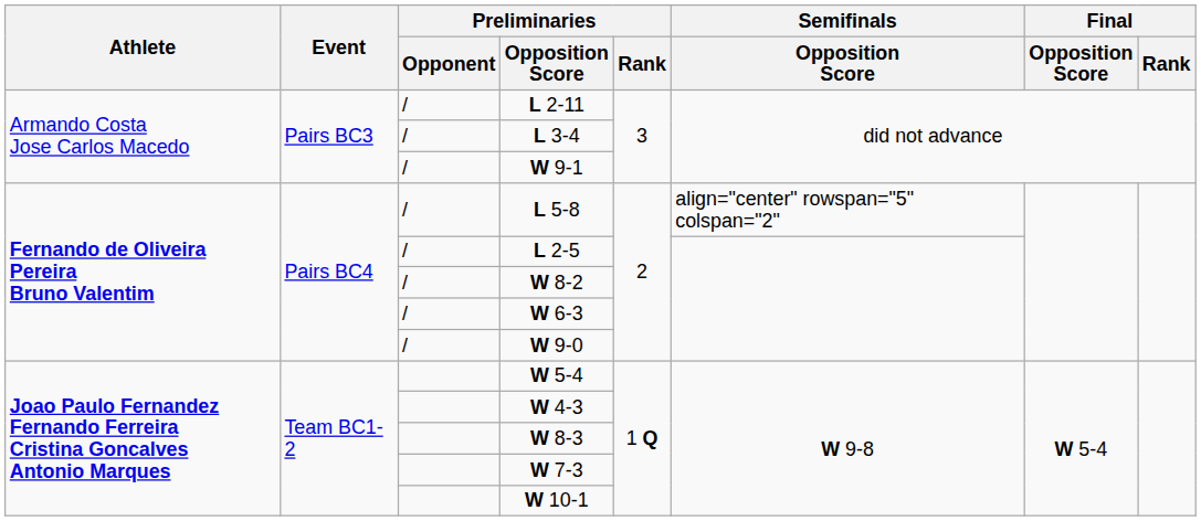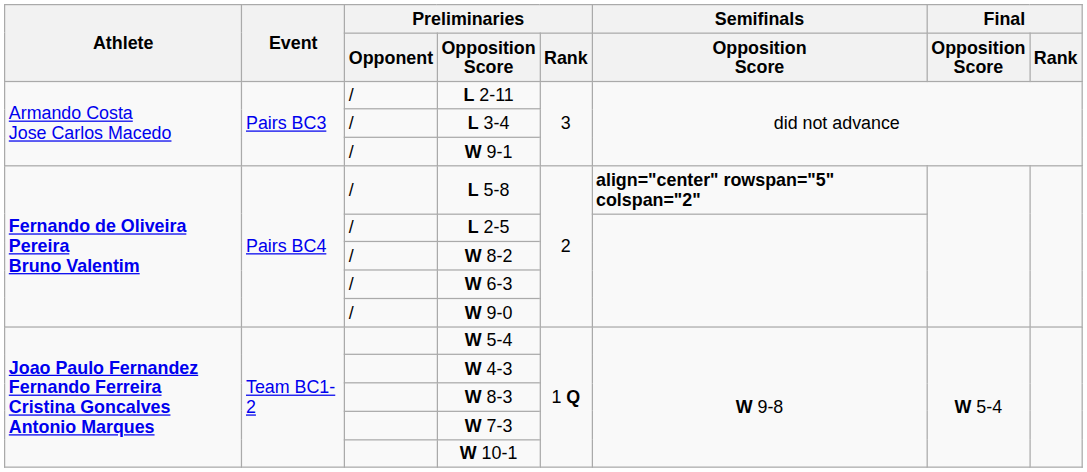 <table class=wikitable style="font-size:90%">
 <tr>
 <th rowspan="2">Athlete</th>
 <th rowspan="2">Event</th>
 <th colspan="3">Preliminaries</th>
 <th>Semifinals</th>
 <th colspan="2">Final</th>
 </tr>
 <tr>
 <th>Opponent</th>
 <th>Opposition<br>Score</th>
 <th>Rank</th>
 <th>Opposition<br>Score</th>
 <th>Opposition<br>Score</th>
 <th>Rank</th>
 </tr>
 <tr>
 <td rowspan="3"><a href='#'>Armando Costa</a><br> <a href='#'>Jose Carlos Macedo</a></td>
 <td rowspan="3"><a href='#'>Pairs BC3</a></td>
 <td align="left"> /<br> </td>
 <td align="center"><strong>L</strong> 2-11</td>
 <td align="center" rowspan="3">3</td>
 <td align="center" rowspan="3" colspan="3">did not advance</td>
 </tr>
 <tr>
 <td align="left"> /<br> </td>
 <td align="center"><strong>L</strong> 3-4</td>
 </tr>
 <tr>
 <td align="left"> /<br> </td>
 <td align="center"><strong>W</strong> 9-1</td>
 </tr>
 <tr>
 <td rowspan="5"><strong><a href='#'>Fernando de Oliveira Pereira</a></strong><br> <strong><a href='#'>Bruno Valentim</a></strong></td>
 <td rowspan="5"><a href='#'>Pairs BC4</a></td>
 <td align="left"> /<br> </td>
 <td align="center"><strong>L</strong> 5-8</td>
 <td align="center" rowspan="5">2</td>
-<td>align="center" rowspan="5" colspan="2" </td>
+<td><strong>align="center" rowspan="5" colspan="2" </strong></td>
 <td align="center" rowspan="5"></td>
 </tr>
 <tr>
 <td align="left"> /<br> </td>
 <td align="center"><strong>L</strong> 2-5</td>
 </tr>
 <tr>
 <td align="left"> /<br> </td>
 <td align="center"><strong>W</strong> 8-2</td>
 </tr>
 <tr>
 <td align="left"> /<br> </td>
 <td align="center"><strong>W</strong> 6-3</td>
 </tr>
 <tr>
 <td align="left"> /<br> </td>
 <td align="center"><strong>W</strong> 9-0</td>
 </tr>
 <tr>
 <td rowspan="5"><strong><a href='#'>Joao Paulo Fernandez</a></strong><br> <strong><a href='#'>Fernando Ferreira</a></strong><br> <strong><a href='#'>Cristina Goncalves</a></strong><br> <strong><a href='#'>Antonio Marques</a></strong></td>
 <td rowspan="5"><a href='#'>Team BC1-2</a></td>
 <td align="left"></td>
 <td align="center"><strong>W</strong> 5-4</td>
 <td align="center" rowspan="5">1 <strong>Q</strong></td>
 <td align="center" rowspan="5"><br><strong>W</strong> 9-8</td>
 <td align="center" rowspan="5"><br><strong>W</strong> 5-4</td>
 <td align="center" rowspan="5"></td>
 </tr>
 <tr>
 <td align="left"></td>
 <td align="center"><strong>W</strong> 4-3</td>
 </tr>
 <tr>
 <td align="left"></td>
 <td align="center"><strong>W</strong> 8-3</td>
 </tr>
 <tr>
 <td align="left"></td>
 <td align="center"><strong>W</strong> 7-3</td>
 </tr>
 <tr>
 <td align="left"></td>
 <td align="center"><strong>W</strong> 10-1</td>
 </tr>
 </table>
